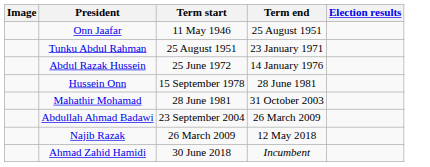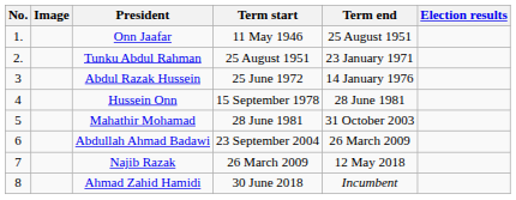 <table class="wikitable" style="text-align:center;">
 <tr>
+<th>No.</th>
 <th>Image</th>
 <th>President</th>
 <th>Term start</th>
 <th>Term end</th>
 <th><a href='#'>Election results</a></th>
 </tr>
 <tr>
+<td>1.</td>
 <td></td>
 <td><a href='#'>Onn Jaafar</a></td>
 <td>11 May 1946</td>
 <td>25 August 1951</td>
 <td></td>
 </tr>
 <tr>
+<td>2.</td>
 <td></td>
 <td><a href='#'>Tunku Abdul Rahman</a></td>
 <td>25 August 1951</td>
 <td>23 January 1971</td>
 <td></td>
 </tr>
 <tr>
+<td>3</td>
 <td></td>
 <td><a href='#'>Abdul Razak Hussein</a></td>
 <td>25 June 1972</td>
 <td>14 January 1976</td>
 <td></td>
 </tr>
 <tr>
+<td>4</td>
 <td></td>
 <td><a href='#'>Hussein Onn</a></td>
 <td>15 September 1978</td>
 <td>28 June 1981</td>
 <td></td>
 </tr>
 <tr>
+<td>5</td>
 <td></td>
 <td><a href='#'>Mahathir Mohamad</a></td>
 <td>28 June 1981</td>
 <td>31 October 2003</td>
 <td></td>
 </tr>
 <tr>
+<td>6</td>
 <td></td>
 <td><a href='#'>Abdullah Ahmad Badawi</a></td>
 <td>23 September 2004</td>
 <td>26 March 2009</td>
 <td></td>
 </tr>
 <tr>
+<td>7</td>
 <td></td>
 <td><a href='#'>Najib Razak</a></td>
 <td>26 March 2009</td>
 <td>12 May 2018</td>
 <td></td>
 </tr>
 <tr>
+<td>8</td>
 <td></td>
 <td><a href='#'>Ahmad Zahid Hamidi</a></td>
 <td>30 June 2018</td>
 <td><em>Incumbent</em></td>
 <td></td>
 </tr>
 </table>
